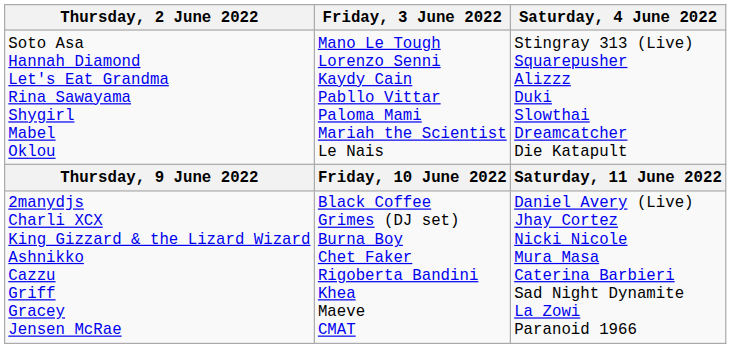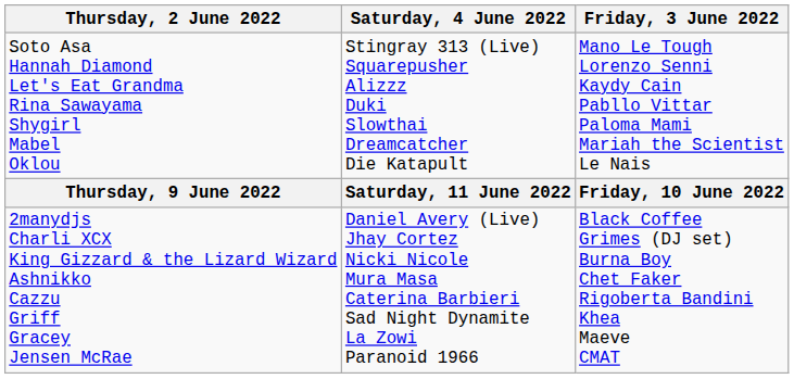 <table class="wikitable">
 <tr>
 <th>Thursday, 2 June 2022</th>
+<th>Saturday, 4 June 2022</th>
 <th>Friday, 3 June 2022</th>
-<th>Saturday, 4 June 2022</th>
 </tr>
 <tr valign="top">
 <td>Soto Asa<br><a href='#'>Hannah Diamond</a><br><a href='#'>Let's Eat Grandma</a><br><a href='#'>Rina Sawayama</a><br><a href='#'>Shygirl</a><br><a href='#'>Mabel</a><br><a href='#'>Oklou</a></td>
+<td>Stingray 313 (Live)<br><a href='#'>Squarepusher</a><br><a href='#'>Alizzz</a><br><a href='#'>Duki</a><br><a href='#'>Slowthai</a><br><a href='#'>Dreamcatcher</a><br>Die Katapult</td>
 <td><a href='#'>Mano Le Tough</a><br><a href='#'>Lorenzo Senni</a><br><a href='#'>Kaydy Cain</a><br><a href='#'>Pabllo Vittar</a><br><a href='#'>Paloma Mami</a><br><a href='#'>Mariah the Scientist</a><br>Le Nais</td>
-<td>Stingray 313 (Live)<br><a href='#'>Squarepusher</a><br><a href='#'>Alizzz</a><br><a href='#'>Duki</a><br><a href='#'>Slowthai</a><br><a href='#'>Dreamcatcher</a><br>Die Katapult</td>
 </tr>
 <tr>
 <th>Thursday, 9 June 2022</th>
+<th>Saturday, 11 June 2022</th>
 <th>Friday, 10 June 2022</th>
-<th>Saturday, 11 June 2022</th>
 </tr>
 <tr valign="top">
 <td><a href='#'>2manydjs</a><br><a href='#'>Charli XCX</a><br><a href='#'>King Gizzard & the Lizard Wizard</a><br><a href='#'>Ashnikko</a><br><a href='#'>Cazzu</a><br><a href='#'>Griff</a><br><a href='#'>Gracey</a><br><a href='#'>Jensen McRae</a></td>
+<td><a href='#'>Daniel Avery</a> (Live)<br><a href='#'>Jhay Cortez</a><br><a href='#'>Nicki Nicole</a><br><a href='#'>Mura Masa</a><br><a href='#'>Caterina Barbieri</a><br>Sad Night Dynamite<br><a href='#'>La Zowi</a><br>Paranoid 1966</td>
 <td><a href='#'>Black Coffee</a><br><a href='#'>Grimes</a> (DJ set)<br><a href='#'>Burna Boy</a><br><a href='#'>Chet Faker</a><br><a href='#'>Rigoberta Bandini</a><br><a href='#'>Khea</a><br>Maeve<br><a href='#'>CMAT</a></td>
-<td><a href='#'>Daniel Avery</a> (Live)<br><a href='#'>Jhay Cortez</a><br><a href='#'>Nicki Nicole</a><br><a href='#'>Mura Masa</a><br><a href='#'>Caterina Barbieri</a><br>Sad Night Dynamite<br><a href='#'>La Zowi</a><br>Paranoid 1966</td>
 </tr>
 </table>
